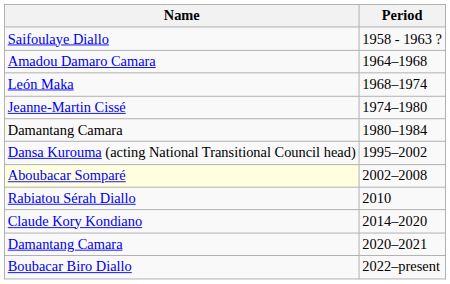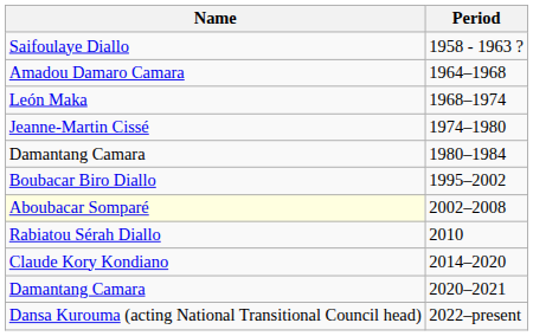 <table class="wikitable">
 <tr>
 <th>Name</th>
 <th>Period</th>
 </tr>
 <tr>
 <td><a href='#'>Saifoulaye Diallo</a></td>
 <td>1958 - 1963 ?</td>
 </tr>
 <tr>
 <td><a href='#'>Amadou Damaro Camara</a></td>
 <td>1964–1968</td>
 </tr>
 <tr>
 <td><a href='#'>León Maka</a></td>
 <td>1968–1974</td>
 </tr>
 <tr>
 <td><a href='#'>Jeanne-Martin Cissé</a></td>
 <td>1974–1980</td>
 </tr>
 <tr>
 <td>Damantang Camara</td>
 <td>1980–1984</td>
 </tr>
 <tr>
-<td><a href='#'>Dansa Kurouma</a> (acting National Transitional Council head)</td>
+<td><a href='#'>Boubacar Biro Diallo</a></td>
 <td>1995–2002</td>
 </tr>
 <tr>
 <td style="background: lightyellow;"><a href='#'>Aboubacar Somparé</a></td>
 <td>2002–2008</td>
 </tr>
 <tr>
 <td><a href='#'>Rabiatou Sérah Diallo</a></td>
 <td>2010</td>
 </tr>
 <tr>
 <td><a href='#'>Claude Kory Kondiano</a></td>
 <td>2014–2020</td>
 </tr>
 <tr>
 <td><a href='#'>Damantang Camara</a></td>
 <td>2020–2021</td>
 </tr>
 <tr>
-<td><a href='#'>Boubacar Biro Diallo</a></td>
+<td><a href='#'>Dansa Kurouma</a> (acting National Transitional Council head)</td>
 <td>2022–present</td>
 </tr>
 </table>
